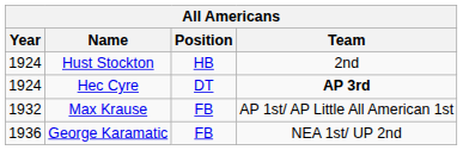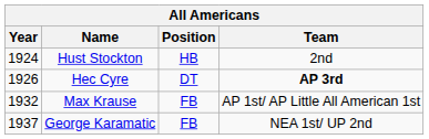 <table class="wikitable">
 <tr align="center">
 <th colspan=5>All Americans</th>
 </tr>
 <tr>
 <th>Year</th>
 <th>Name</th>
 <th>Position</th>
 <th>Team</th>
 </tr>
 <tr align="center" bgcolor="">
 <td>1924</td>
 <td><a href='#'>Hust Stockton</a></td>
 <td><a href='#'>HB</a></td>
 <td>2nd</td>
 </tr>
 <tr align="center" bgcolor="">
-<td>1924</td>
+<td>1926</td>
 <td><a href='#'>Hec Cyre</a></td>
 <td><a href='#'>DT</a></td>
 <td><strong>AP 3rd</strong></td>
 </tr>
 <tr align="center" bgcolor="">
 <td>1932</td>
 <td><a href='#'>Max Krause</a></td>
 <td><a href='#'>FB</a></td>
 <td>AP 1st/ AP Little All American 1st</td>
 </tr>
 <tr align="center" bgcolor="">
-<td>1936</td>
+<td>1937</td>
 <td><a href='#'>George Karamatic</a></td>
 <td><a href='#'>FB</a></td>
 <td>NEA 1st/ UP 2nd</td>
 </tr>
 </table>
